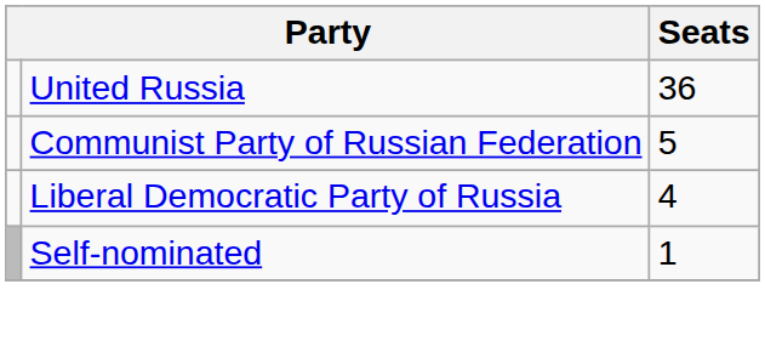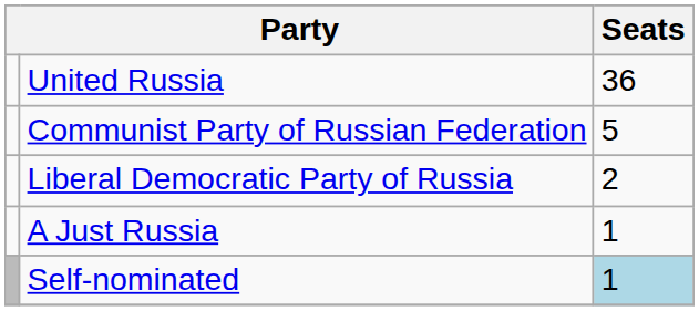 <table class="wikitable">
 <tr>
 <th colspan="2">Party</th>
 <th>Seats</th>
 </tr>
 <tr>
 <td style="background-color: "></td>
 <td><a href='#'>United Russia</a></td>
 <td>36</td>
 </tr>
 <tr>
 <td style="background-color: "></td>
 <td><a href='#'>Communist Party of Russian Federation</a></td>
 <td>5</td>
 </tr>
 <tr>
 <td style="background-color: "></td>
 <td><a href='#'>Liberal Democratic Party of Russia</a></td>
-<td>4</td>
+<td>2</td>
+</tr>
+<tr>
+<td style="background-color: "></td>
+<td><a href='#'>A Just Russia</a></td>
+<td>1</td>
 </tr>
 <tr>
 <td style="background:#BBBBBB;"></td>
 <td><a href='#'>Self-nominated</a></td>
-<td>1</td>
+<td style="background: lightblue;">1</td>
 </tr>
 <tr>
 </tr>
 </table>
